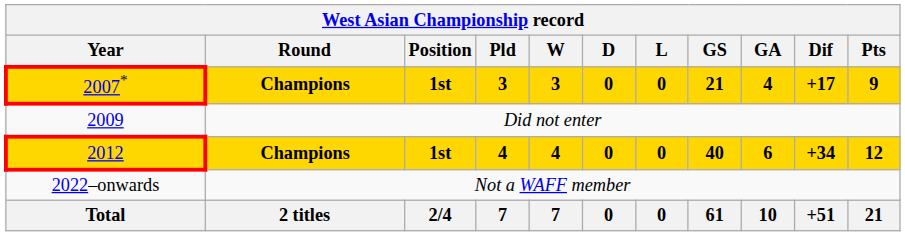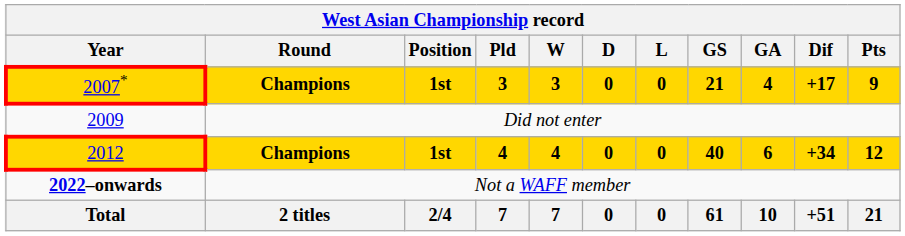 <table class="wikitable" style="text-align: center;font-size:90%;">
 <tr>
 <th colspan=11><a href='#'>West Asian Championship</a> record</th>
 </tr>
 <tr>
 <th width=150>Year</th>
 <th width=150>Round</th>
 <th width=50>Position</th>
 <th width=35>Pld</th>
 <th width=35>W</th>
 <th width=35>D</th>
 <th width=35>L</th>
 <th width=35>GS</th>
 <th width=35>GA</th>
 <th width=35>Dif</th>
 <th width=35>Pts</th>
 </tr>
 <tr bgcolor=gold>
 <td style="border: 3px solid red"> <a href='#'>2007</a><sup>*</sup></td>
 <td><strong>Champions</strong></td>
 <td><strong>1st</strong></td>
 <td><strong>3</strong></td>
 <td><strong>3</strong></td>
 <td><strong>0</strong></td>
 <td><strong>0</strong></td>
 <td><strong>21</strong></td>
 <td><strong>4</strong></td>
 <td><strong>+17</strong></td>
 <td><strong>9</strong></td>
 </tr>
 <tr>
 <td> <a href='#'>2009</a></td>
 <td colspan=10><em>Did not enter</em></td>
 </tr>
 <tr bgcolor=gold>
 <td style="border: 3px solid red"> <a href='#'>2012</a></td>
 <td><strong>Champions</strong></td>
 <td><strong>1st</strong></td>
 <td><strong>4</strong></td>
 <td><strong>4</strong></td>
 <td><strong>0</strong></td>
 <td><strong>0</strong></td>
 <td><strong>40</strong></td>
 <td><strong>6</strong></td>
 <td><strong>+34</strong></td>
 <td><strong>12</strong></td>
 </tr>
 <tr>
-<td><a href='#'>2022</a>–onwards</td>
+<td><strong><a href='#'>2022</a>–onwards</strong></td>
 <td colspan=10><em>Not a <a href='#'>WAFF</a> member</em></td>
 </tr>
 <tr>
 <th><strong>Total</strong></th>
 <th>2 titles</th>
 <th>2/4</th>
 <th>7</th>
 <th>7</th>
 <th>0</th>
 <th>0</th>
 <th>61</th>
 <th>10</th>
 <th>+51</th>
 <th>21</th>
 </tr>
 </table>
